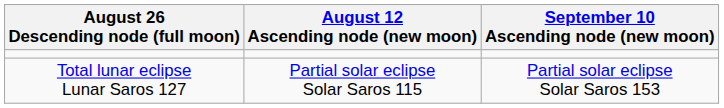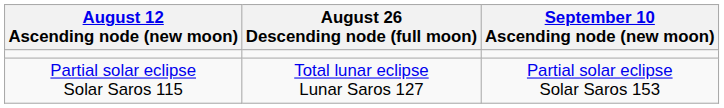 <table class="wikitable">
 <tr>
+<th><a href='#'>August 12</a><br>Ascending node (new moon)</th>
 <th>August 26<br>Descending node (full moon)</th>
-<th><a href='#'>August 12</a><br>Ascending node (new moon)</th>
 <th><a href='#'>September 10</a><br>Ascending node (new moon)</th>
 </tr>
 <tr>
 <td></td>
 <td></td>
 <td></td>
 </tr>
 <tr align=center>
+<td><a href='#'>Partial solar eclipse</a><br>Solar Saros 115</td>
 <td><a href='#'>Total lunar eclipse</a><br>Lunar Saros 127</td>
-<td><a href='#'>Partial solar eclipse</a><br>Solar Saros 115</td>
 <td><a href='#'>Partial solar eclipse</a><br>Solar Saros 153</td>
 </tr>
 </table>
